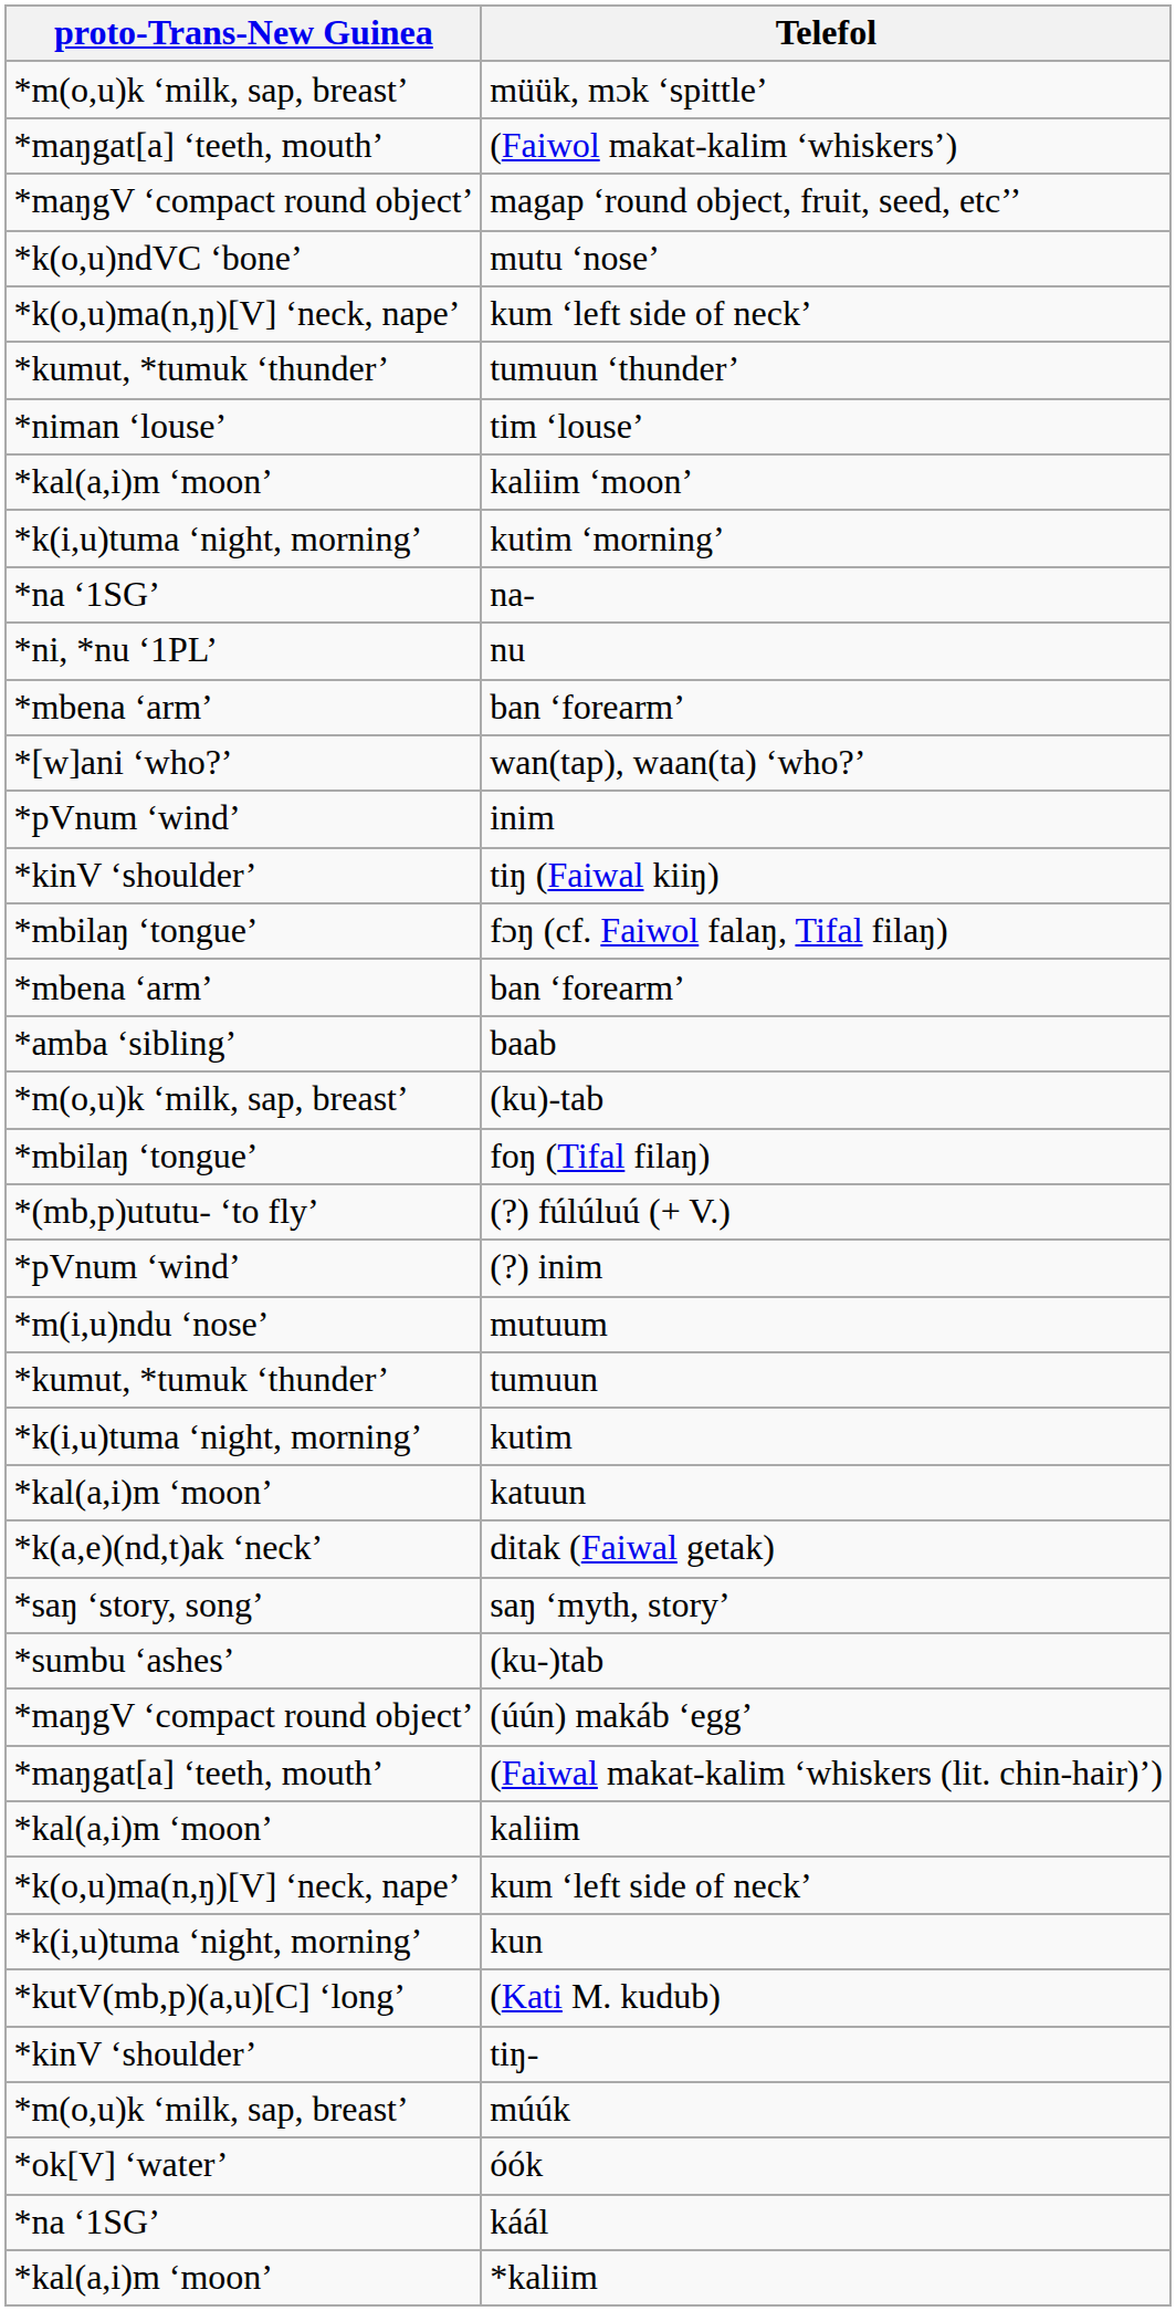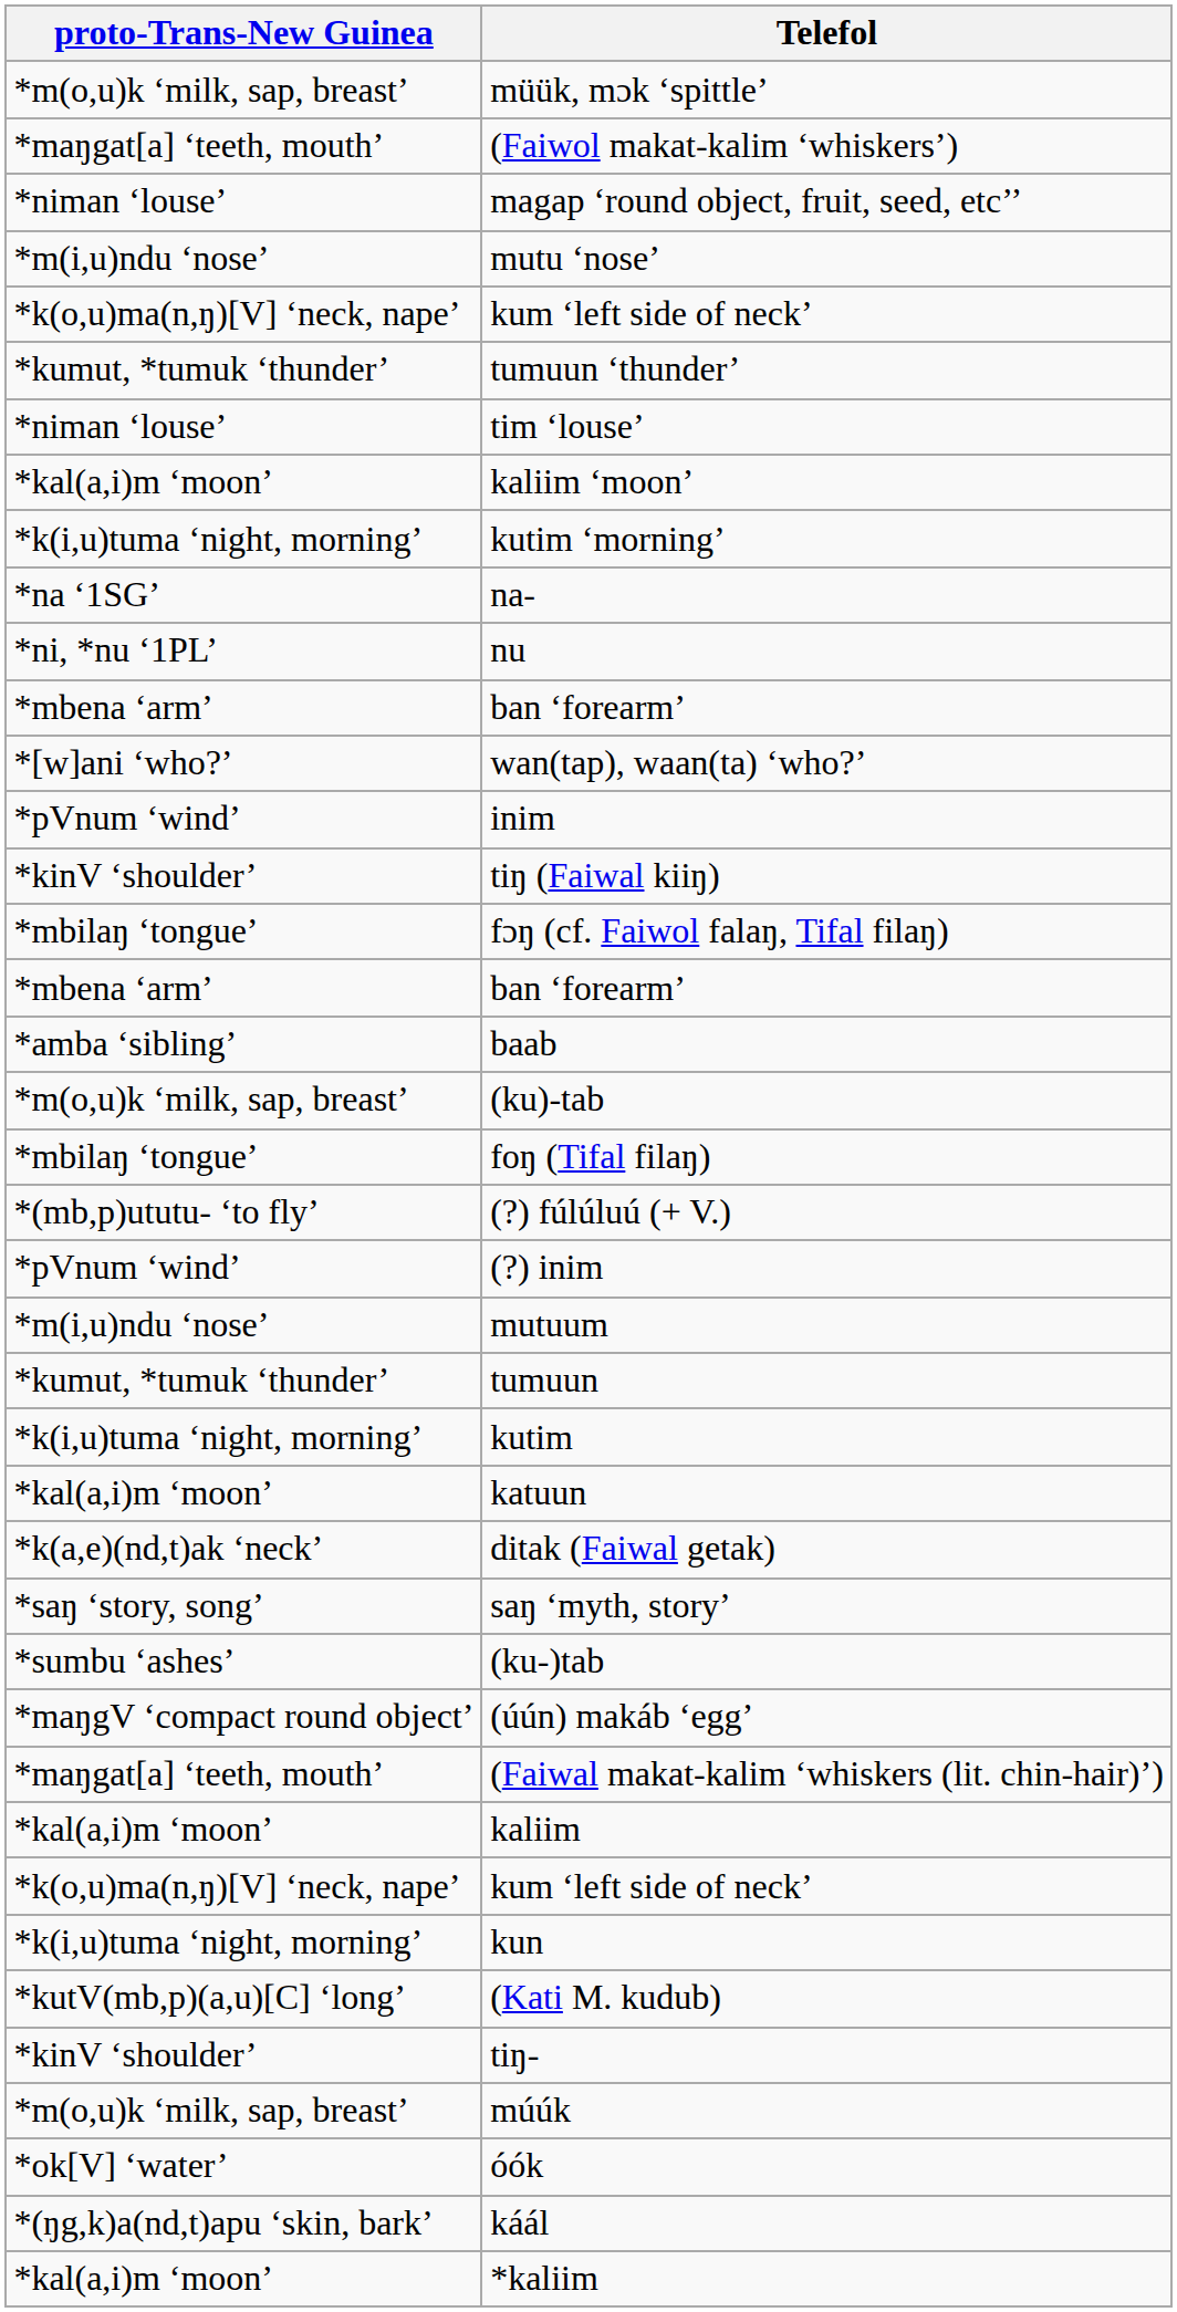 <table class="wikitable sortable">
 <tr>
 <th><a href='#'>proto-Trans-New Guinea</a></th>
 <th>Telefol</th>
 </tr>
 <tr>
 </tr>
 <tr>
 <td>*m(o,u)k ‘milk, sap, breast’</td>
 <td>müük, mɔk ‘spittle’</td>
 </tr>
 <tr>
 <td>*maŋgat[a] ‘teeth, mouth’</td>
 <td>(<a href='#'>Faiwol</a> makat-kalim ‘whiskers’)</td>
 </tr>
 <tr>
-<td>*maŋgV ‘compact round object’</td>
+<td>*niman ‘louse’</td>
 <td>magap ‘round object, fruit, seed, etc’’</td>
 </tr>
 <tr>
-<td>*k(o,u)ndVC ‘bone’</td>
+<td>*m(i,u)ndu ‘nose’</td>
 <td>mutu ‘nose’</td>
 </tr>
 <tr>
 <td>*k(o,u)ma(n,ŋ)[V] ‘neck, nape’</td>
 <td>kum ‘left side of neck’</td>
 </tr>
 <tr>
 <td>*kumut, *tumuk ‘thunder’</td>
 <td>tumuun ‘thunder’</td>
 </tr>
 <tr>
 <td>*niman ‘louse’</td>
 <td>tim ‘louse’</td>
 </tr>
 <tr>
 <td>*kal(a,i)m ‘moon’</td>
 <td>kaliim ‘moon’</td>
 </tr>
 <tr>
 <td>*k(i,u)tuma ‘night, morning’</td>
 <td>kutim ‘morning’</td>
 </tr>
 <tr>
 <td>*na ‘1SG’</td>
 <td>na-</td>
 </tr>
 <tr>
 <td>*ni, *nu ‘1PL’</td>
 <td>nu</td>
 </tr>
 <tr>
 <td>*mbena ‘arm’</td>
 <td>ban ‘forearm’</td>
 </tr>
 <tr>
 <td>*[w]ani ‘who?’</td>
 <td>wan(tap), waan(ta) ‘who?’</td>
 </tr>
 <tr>
 <td>*pVnum ‘wind’</td>
 <td>inim</td>
 </tr>
 <tr>
 <td>*kinV ‘shoulder’</td>
 <td>tiŋ (<a href='#'>Faiwal</a> kiiŋ)</td>
 </tr>
 <tr>
 <td>*mbilaŋ ‘tongue’</td>
 <td>fɔŋ (cf. <a href='#'>Faiwol</a> falaŋ, <a href='#'>Tifal</a> filaŋ)</td>
 </tr>
 <tr>
 <td>*mbena ‘arm’</td>
 <td>ban ‘forearm’</td>
 </tr>
 <tr>
 <td>*amba ‘sibling’</td>
 <td>baab</td>
 </tr>
 <tr>
 <td>*m(o,u)k ‘milk, sap, breast’</td>
 <td>(ku)-tab</td>
 </tr>
 <tr>
 <td>*mbilaŋ ‘tongue’</td>
 <td>foŋ (<a href='#'>Tifal</a> filaŋ)</td>
 </tr>
 <tr>
 <td>*(mb,p)ututu- ‘to fly’</td>
 <td>(?) fúlúluú (+ V.)</td>
 </tr>
 <tr>
 <td>*pVnum ‘wind’</td>
 <td>(?) inim</td>
 </tr>
 <tr>
 <td>*m(i,u)ndu ‘nose’</td>
 <td>mutuum</td>
 </tr>
 <tr>
 <td>*kumut, *tumuk ‘thunder’</td>
 <td>tumuun</td>
 </tr>
 <tr>
 <td>*k(i,u)tuma ‘night, morning’</td>
 <td>kutim</td>
 </tr>
 <tr>
 <td>*kal(a,i)m ‘moon’</td>
 <td>katuun</td>
 </tr>
 <tr>
 <td>*k(a,e)(nd,t)ak ‘neck’</td>
 <td>ditak (<a href='#'>Faiwal</a> getak)</td>
 </tr>
 <tr>
 <td>*saŋ ‘story, song’</td>
 <td>saŋ ‘myth, story’</td>
 </tr>
 <tr>
 <td>*sumbu ‘ashes’</td>
 <td>(ku-)tab</td>
 </tr>
 <tr>
 <td>*maŋgV ‘compact round object’</td>
 <td>(úún) makáb ‘egg’</td>
 </tr>
 <tr>
 <td>*maŋgat[a] ‘teeth, mouth’</td>
 <td>(<a href='#'>Faiwal</a> makat-kalim ‘whiskers (lit. chin-hair)’)</td>
 </tr>
 <tr>
 <td>*kal(a,i)m ‘moon’</td>
 <td>kaliim</td>
 </tr>
 <tr>
 <td>*k(o,u)ma(n,ŋ)[V] ‘neck, nape’</td>
 <td>kum ‘left side of neck’</td>
 </tr>
 <tr>
 <td>*k(i,u)tuma ‘night, morning’</td>
 <td>kun</td>
 </tr>
 <tr>
 <td>*kutV(mb,p)(a,u)[C] ‘long’</td>
 <td>(<a href='#'>Kati</a> M. kudub)</td>
 </tr>
 <tr>
 <td>*kinV ‘shoulder’</td>
 <td>tiŋ-</td>
 </tr>
 <tr>
 <td>*m(o,u)k ‘milk, sap, breast’</td>
 <td>múúk</td>
 </tr>
 <tr>
 <td>*ok[V] ‘water’</td>
 <td>óók</td>
 </tr>
 <tr>
-<td>*na ‘1SG’</td>
+<td>*(ŋg,k)a(nd,t)apu ‘skin, bark’</td>
 <td>káál</td>
 </tr>
 <tr>
 <td>*kal(a,i)m ‘moon’</td>
 <td>*kaliim</td>
 </tr>
 </table>
